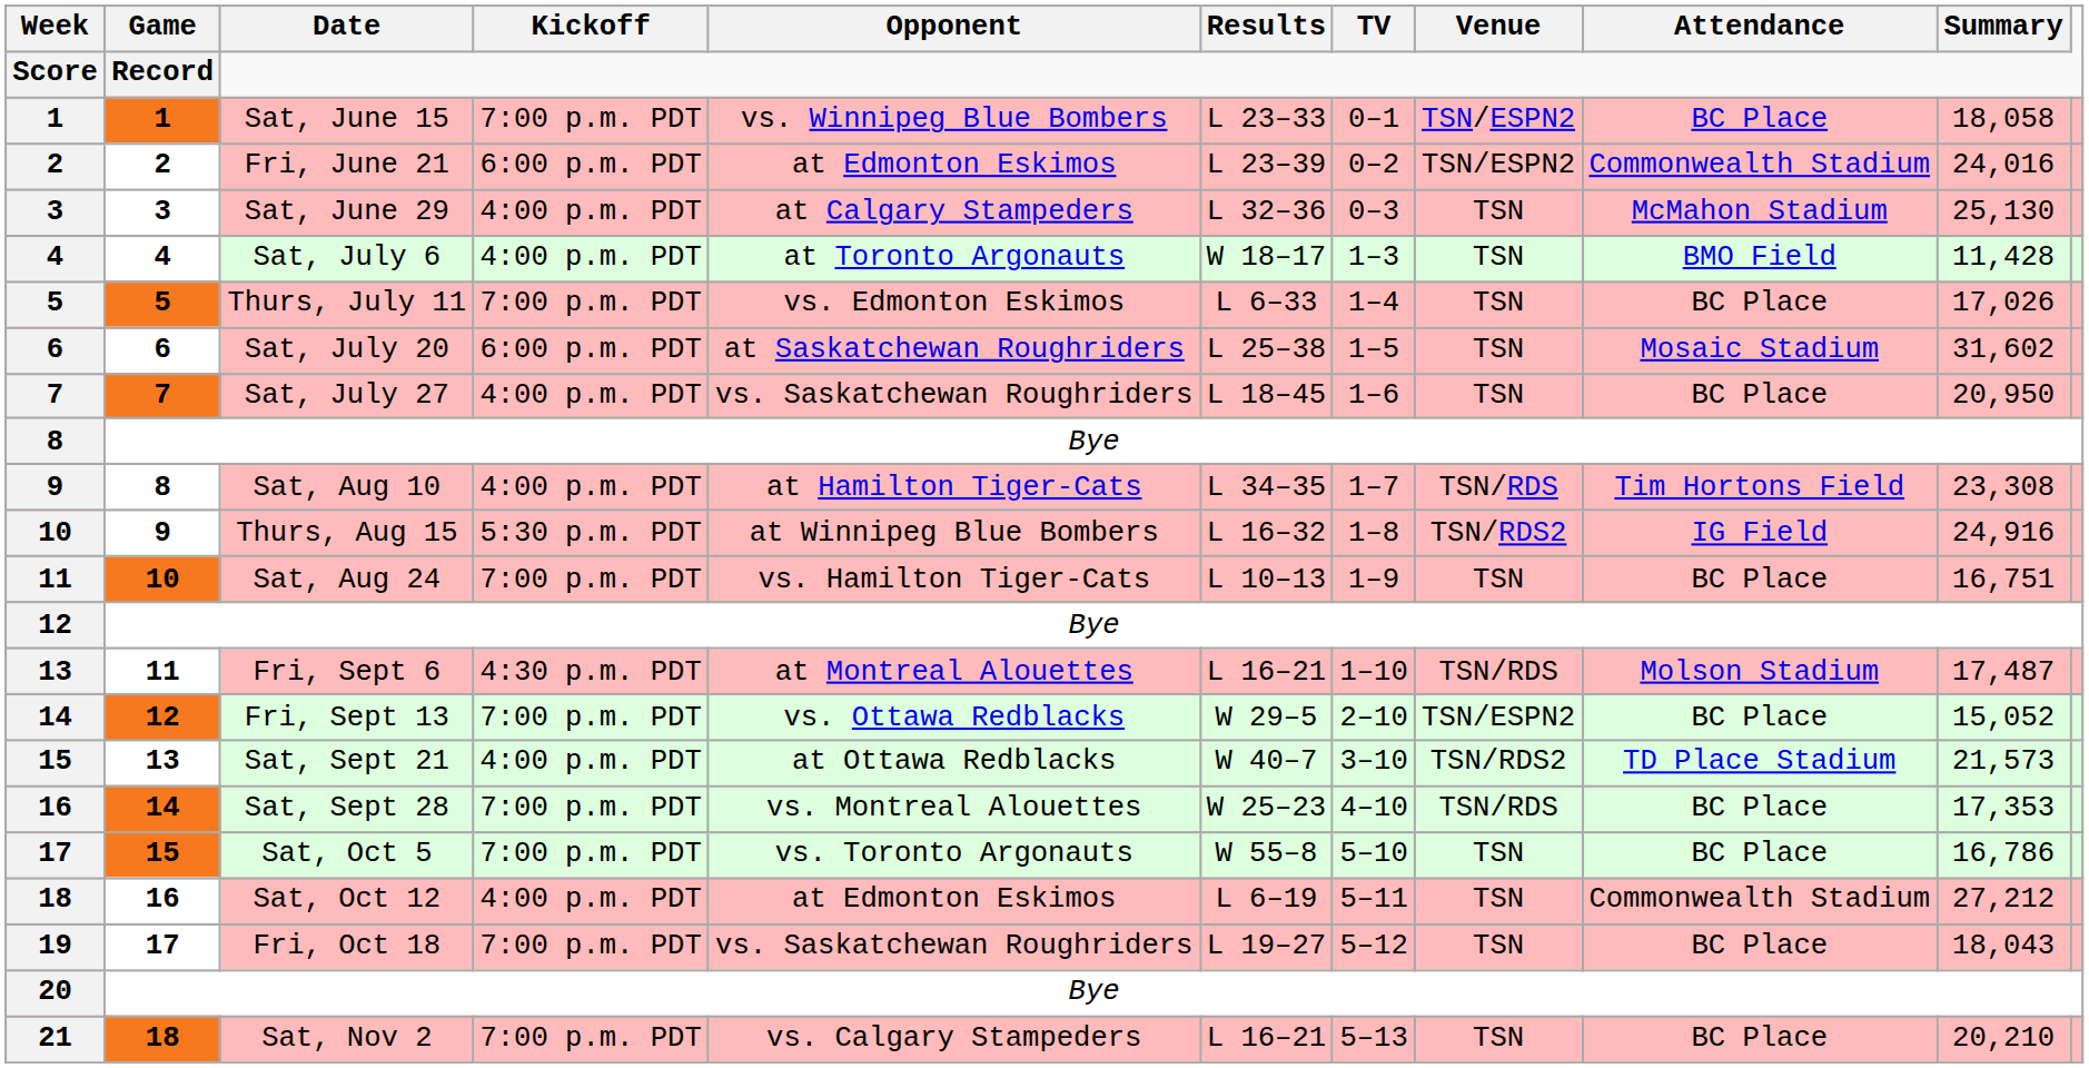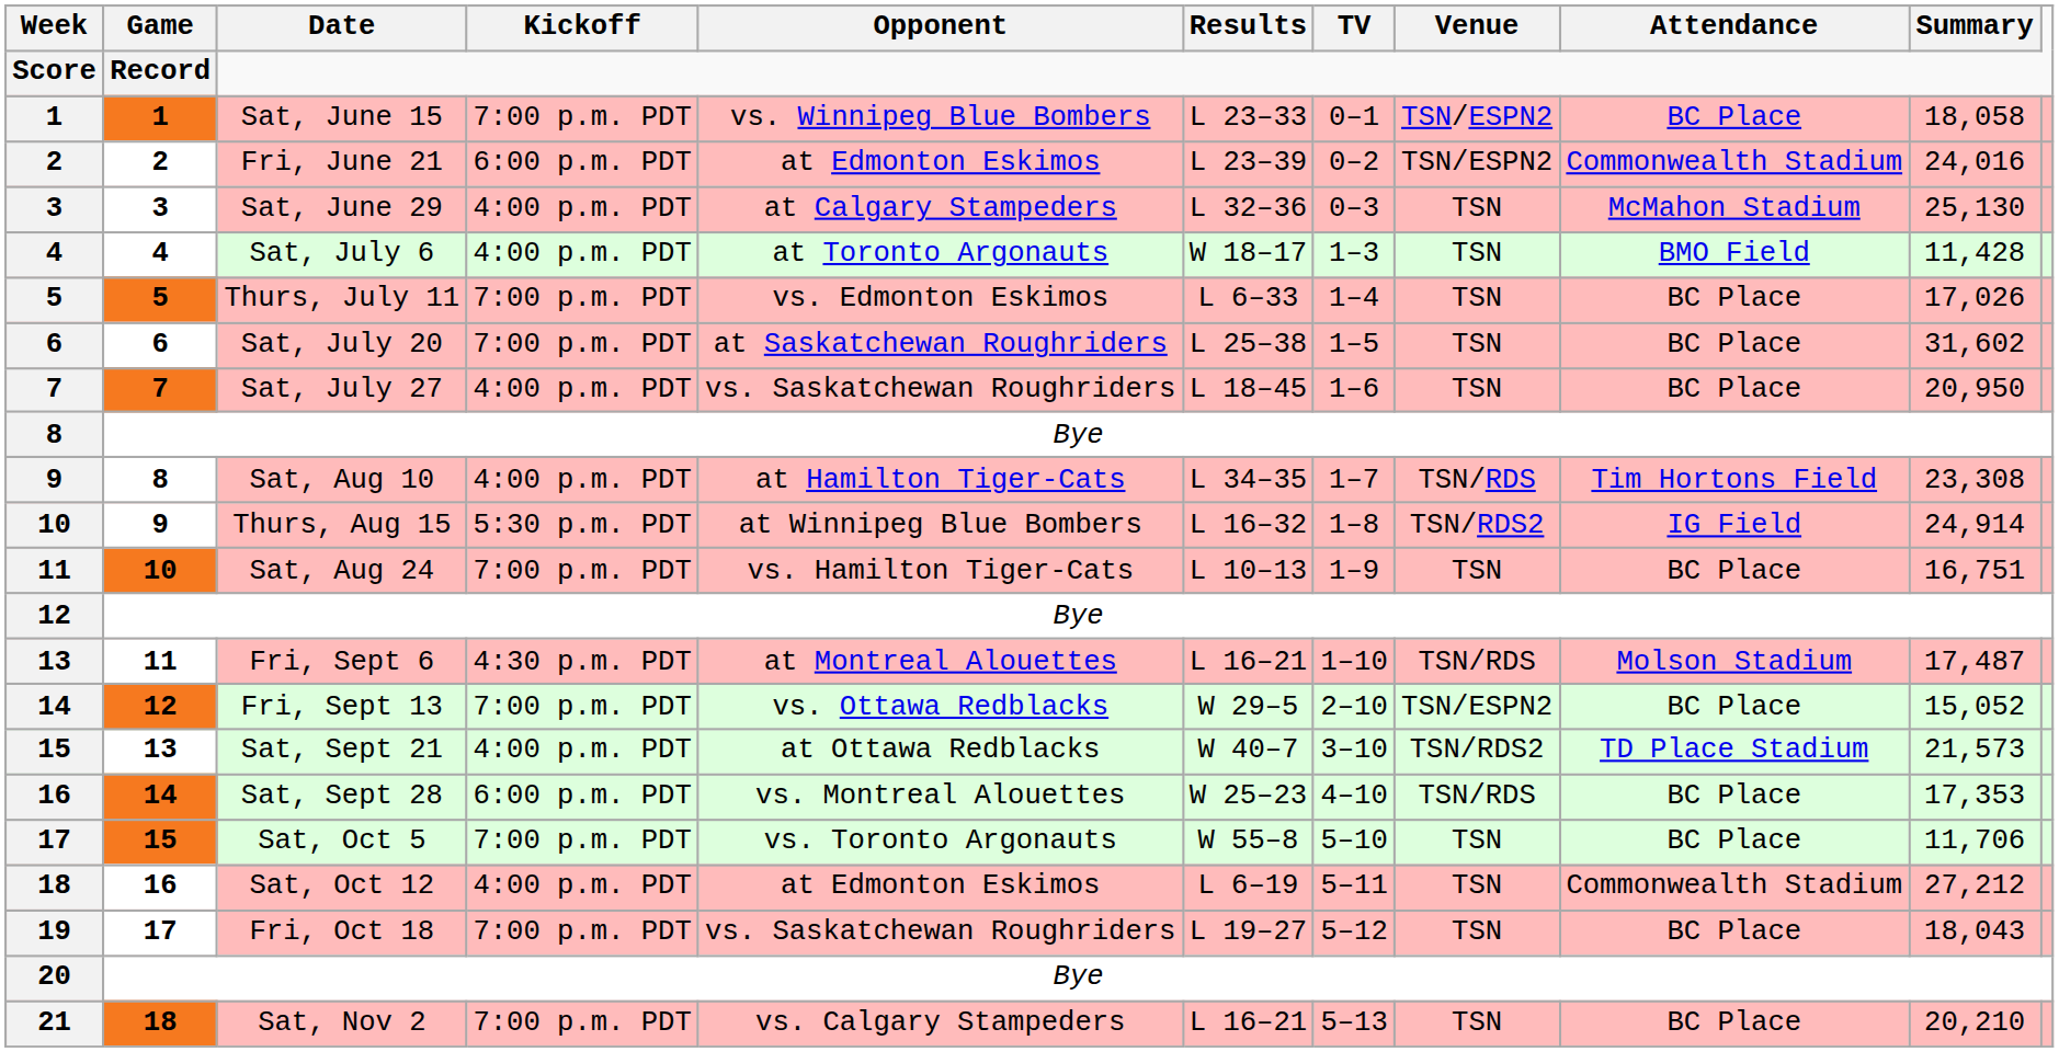 <table class="wikitable" style="font-size: 95%;">
 <tr>
 <th scope="col">Week</th>
 <th scope="col">Game</th>
 <th scope="col">Date</th>
 <th scope="col">Kickoff</th>
 <th scope="col">Opponent</th>
 <th scope="col">Results</th>
 <th scope="col">TV</th>
 <th scope="col">Venue</th>
 <th scope="col">Attendance</th>
 <th scope="col">Summary</th>
 </tr>
 <tr>
 <th scope="col">Score</th>
 <th scope="col">Record</th>
 </tr>
 <tr align="center" bgcolor="ffbbbb">
 <th align="center"><strong>1</strong></th>
 <th style="text-align:center; background:#F6791F;"><span><strong>1</strong></span></th>
 <td align="center">Sat, June 15</td>
 <td align="center">7:00 p.m. PDT</td>
 <td align="center">vs. <a href='#'>Winnipeg Blue Bombers</a></td>
 <td align="center">L 23–33</td>
 <td align="center">0–1</td>
 <td align="center"><a href='#'>TSN</a>/<a href='#'>ESPN2</a></td>
 <td align="center"><a href='#'>BC Place</a></td>
 <td align="center">18,058</td>
 <td align="center"></td>
 </tr>
 <tr align="center" bgcolor="ffbbbb">
 <th align="center"><strong>2</strong></th>
 <th style="text-align:center; background:white;"><span><strong>2</strong></span></th>
 <td align="center">Fri, June 21</td>
 <td align="center">6:00 p.m. PDT</td>
 <td align="center">at <a href='#'>Edmonton Eskimos</a></td>
 <td align="center">L 23–39</td>
 <td align="center">0–2</td>
 <td align="center">TSN/ESPN2</td>
 <td align="center"><a href='#'>Commonwealth Stadium</a></td>
 <td align="center">24,016</td>
 <td align="center"></td>
 </tr>
 <tr align="center" bgcolor="ffbbbb">
 <th align="center"><strong>3</strong></th>
 <th style="text-align:center; background:white;"><span><strong>3</strong></span></th>
 <td align="center">Sat, June 29</td>
 <td align="center">4:00 p.m. PDT</td>
 <td align="center">at <a href='#'>Calgary Stampeders</a></td>
 <td align="center">L 32–36</td>
 <td align="center">0–3</td>
 <td align="center">TSN</td>
 <td align="center"><a href='#'>McMahon Stadium</a></td>
 <td align="center">25,130</td>
 <td align="center"></td>
 </tr>
 <tr align="center" bgcolor="ddffdd">
 <th align="center"><strong>4</strong></th>
 <th style="text-align:center; background:white;"><span><strong>4</strong></span></th>
 <td align="center">Sat, July 6</td>
 <td align="center">4:00 p.m. PDT</td>
 <td align="center">at <a href='#'>Toronto Argonauts</a></td>
 <td align="center">W 18–17</td>
 <td align="center">1–3</td>
 <td align="center">TSN</td>
 <td align="center"><a href='#'>BMO Field</a></td>
 <td align="center">11,428</td>
 <td align="center"></td>
 </tr>
 <tr align="center" bgcolor="ffbbbb">
 <th align="center"><strong>5</strong></th>
 <th style="text-align:center; background:#F6791F;"><span><strong>5</strong></span></th>
 <td align="center">Thurs, July 11</td>
 <td align="center">7:00 p.m. PDT</td>
 <td align="center">vs. Edmonton Eskimos</td>
 <td align="center">L 6–33</td>
 <td align="center">1–4</td>
 <td align="center">TSN</td>
 <td align="center">BC Place</td>
 <td align="center">17,026</td>
 <td align="center"></td>
 </tr>
 <tr align="center" bgcolor="ffbbbb">
 <th align="center"><strong>6</strong></th>
 <th style="text-align:center; background:white;"><span><strong>6</strong></span></th>
 <td align="center">Sat, July 20</td>
-<td align="center">6:00 p.m. PDT</td>
+<td align="center">7:00 p.m. PDT</td>
 <td align="center">at <a href='#'>Saskatchewan Roughriders</a></td>
 <td align="center">L 25–38</td>
 <td align="center">1–5</td>
 <td align="center">TSN</td>
-<td align="center"><a href='#'>Mosaic Stadium</a></td>
+<td align="center">BC Place</td>
 <td align="center">31,602</td>
 <td align="center"></td>
 </tr>
 <tr align="center" bgcolor="ffbbbb">
 <th align="center"><strong>7</strong></th>
 <th style="text-align:center; background:#F6791F;"><span><strong>7</strong></span></th>
 <td align="center">Sat, July 27</td>
 <td align="center">4:00 p.m. PDT</td>
 <td align="center">vs. Saskatchewan Roughriders</td>
 <td align="center">L 18–45</td>
 <td align="center">1–6</td>
 <td align="center">TSN</td>
 <td align="center">BC Place</td>
 <td align="center">20,950</td>
 <td align="center"></td>
 </tr>
 <tr align="center" bgcolor="ffffff">
 <th align="center"><strong>8</strong></th>
 <td colspan=10 align="center" valign="middle"><em>Bye</em></td>
 </tr>
 <tr align="center" bgcolor="ffbbbb">
 <th align="center"><strong>9</strong></th>
 <th style="text-align:center; background:white;"><span><strong>8</strong></span></th>
 <td align="center">Sat, Aug 10</td>
 <td align="center">4:00 p.m. PDT</td>
 <td align="center">at <a href='#'>Hamilton Tiger-Cats</a></td>
 <td align="center">L 34–35</td>
 <td align="center">1–7</td>
 <td align="center">TSN/<a href='#'>RDS</a></td>
 <td align="center"><a href='#'>Tim Hortons Field</a></td>
 <td align="center">23,308</td>
 <td align="center"></td>
 </tr>
 <tr align="center" bgcolor="ffbbbb">
 <th align="center"><strong>10</strong></th>
 <th style="text-align:center; background:white;"><span><strong>9</strong></span></th>
 <td align="center">Thurs, Aug 15</td>
 <td align="center">5:30 p.m. PDT</td>
 <td align="center">at Winnipeg Blue Bombers</td>
 <td align="center">L 16–32</td>
 <td align="center">1–8</td>
 <td align="center">TSN/<a href='#'>RDS2</a></td>
 <td align="center"><a href='#'>IG Field</a></td>
-<td align="center">24,916</td>
+<td align="center">24,914</td>
 <td align="center"></td>
 </tr>
 <tr align="center" bgcolor="ffbbbb">
 <th align="center"><strong>11</strong></th>
 <th style="text-align:center; background:#F6791F;"><span><strong>10</strong></span></th>
 <td align="center">Sat, Aug 24</td>
 <td align="center">7:00 p.m. PDT</td>
 <td align="center">vs. Hamilton Tiger-Cats</td>
 <td align="center">L 10–13</td>
 <td align="center">1–9</td>
 <td align="center">TSN</td>
 <td align="center">BC Place</td>
 <td align="center">16,751</td>
 <td align="center"></td>
 </tr>
 <tr align="center" bgcolor="ffffff">
 <th align="center"><strong>12</strong></th>
 <td colspan=10 align="center" valign="middle"><em>Bye</em></td>
 </tr>
 <tr align="center" bgcolor="ffbbbb">
 <th align="center"><strong>13</strong></th>
 <th style="text-align:center; background:white;"><span><strong>11</strong></span></th>
 <td align="center">Fri, Sept 6</td>
 <td align="center">4:30 p.m. PDT</td>
 <td align="center">at <a href='#'>Montreal Alouettes</a></td>
 <td align="center">L 16–21</td>
 <td align="center">1–10</td>
 <td align="center">TSN/RDS</td>
 <td align="center"><a href='#'>Molson Stadium</a></td>
 <td align="center">17,487</td>
 <td align="center"></td>
 </tr>
 <tr align="center" bgcolor="ddffdd">
 <th align="center"><strong>14</strong></th>
 <th style="text-align:center; background:#F6791F;"><span><strong>12</strong></span></th>
 <td align="center">Fri, Sept 13</td>
 <td align="center">7:00 p.m. PDT</td>
 <td align="center">vs. <a href='#'>Ottawa Redblacks</a></td>
 <td align="center">W 29–5</td>
 <td align="center">2–10</td>
 <td align="center">TSN/ESPN2</td>
 <td align="center">BC Place</td>
 <td align="center">15,052</td>
 <td align="center"></td>
 </tr>
 <tr align="center" bgcolor="ddffdd">
 <th align="center"><strong>15</strong></th>
 <th style="text-align:center; background:white;"><span><strong>13</strong></span></th>
 <td align="center">Sat, Sept 21</td>
 <td align="center">4:00 p.m. PDT</td>
 <td align="center">at Ottawa Redblacks</td>
 <td align="center">W 40–7</td>
 <td align="center">3–10</td>
 <td align="center">TSN/RDS2</td>
 <td align="center"><a href='#'>TD Place Stadium</a></td>
 <td align="center">21,573</td>
 <td align="center"></td>
 </tr>
 <tr align="center" bgcolor="ddffdd">
 <th align="center"><strong>16</strong></th>
 <th style="text-align:center; background:#F6791F;"><span><strong>14</strong></span></th>
 <td align="center">Sat, Sept 28</td>
-<td align="center">7:00 p.m. PDT</td>
+<td align="center">6:00 p.m. PDT</td>
 <td align="center">vs. Montreal Alouettes</td>
 <td align="center">W 25–23</td>
 <td align="center">4–10</td>
 <td align="center">TSN/RDS</td>
 <td align="center">BC Place</td>
 <td align="center">17,353</td>
 <td align="center"></td>
 </tr>
 <tr align="center" bgcolor="ddffdd">
 <th align="center"><strong>17</strong></th>
 <th style="text-align:center; background:#F6791F;"><span><strong>15</strong></span></th>
 <td align="center">Sat, Oct 5</td>
 <td align="center">7:00 p.m. PDT</td>
 <td align="center">vs. Toronto Argonauts</td>
 <td align="center">W 55–8</td>
 <td align="center">5–10</td>
 <td align="center">TSN</td>
 <td align="center">BC Place</td>
-<td align="center">16,786</td>
+<td align="center">11,706</td>
 <td align="center"></td>
 </tr>
 <tr align="center" bgcolor="ffbbbb">
 <th align="center"><strong>18</strong></th>
 <th style="text-align:center; background:white;"><span><strong>16</strong></span></th>
 <td align="center">Sat, Oct 12</td>
 <td align="center">4:00 p.m. PDT</td>
 <td align="center">at Edmonton Eskimos</td>
 <td align="center">L 6–19</td>
 <td align="center">5–11</td>
 <td align="center">TSN</td>
 <td align="center">Commonwealth Stadium</td>
 <td align="center">27,212</td>
 <td align="center"></td>
 </tr>
 <tr align="center" bgcolor="ffbbbb">
 <th align="center"><strong>19</strong></th>
 <th style="text-align:center; background:white;"><span><strong>17</strong></span></th>
 <td align="center">Fri, Oct 18</td>
 <td align="center">7:00 p.m. PDT</td>
 <td align="center">vs. Saskatchewan Roughriders</td>
 <td align="center">L 19–27</td>
 <td align="center">5–12</td>
 <td align="center">TSN</td>
 <td align="center">BC Place</td>
 <td align="center">18,043</td>
 <td align="center"></td>
 </tr>
 <tr align="center" bgcolor="ffffff">
 <th align="center"><strong>20</strong></th>
 <td colspan=10 align="center" valign="middle"><em>Bye</em></td>
 </tr>
 <tr align="center" bgcolor="ffbbbb">
 <th align="center"><strong>21</strong></th>
 <th style="text-align:center; background:#F6791F;"><span><strong>18</strong></span></th>
 <td align="center">Sat, Nov 2</td>
 <td align="center">7:00 p.m. PDT</td>
 <td align="center">vs. Calgary Stampeders</td>
 <td align="center">L 16–21</td>
 <td align="center">5–13</td>
 <td align="center">TSN</td>
 <td align="center">BC Place</td>
 <td align="center">20,210</td>
 <td align="center"></td>
 </tr>
 </table>
